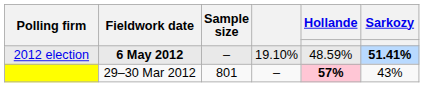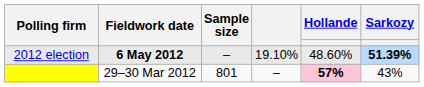 <table class="wikitable sortable" style="text-align:center;font-size:90%;line-height:14px;">
 <tr style="height:40px;">
 <th style="width:100px;" rowspan="2">Polling firm</th>
 <th style="width:110px;" rowspan="2">Fieldwork date</th>
 <th style="width:35px;" rowspan="2">Sample<br>size</th>
 <th style="width:30px;" rowspan="2"></th>
 <th class="unsortable" style="width:60px;"><a href='#'>Hollande</a><br></th>
 <th class="unsortable" style="width:60px;"><a href='#'>Sarkozy</a><br></th>
 </tr>
 <tr>
 <th style="background:"></th>
 <th style="background:"></th>
 </tr>
 <tr style="background:#E9E9E9;">
 <td><a href='#'>2012 election</a></td>
 <td data-sort-value="2012-05-06"><strong>6 May 2012</strong></td>
 <td>–</td>
 <td>19.10%</td>
-<td>48.59%</td>
-<td style="background:#B9DAFF;"><strong>51.41%</strong></td>
+<td>48.60%</td>
+<td style="background:#B9DAFF;"><strong>51.39%</strong></td>
 </tr>
 <tr>
 <td style="background:yellow;"></td>
 <td data-sort-value="2012-03-30">29–30 Mar 2012</td>
 <td>801</td>
 <td>–</td>
 <td style="background:#FFC6D5;"><strong>57%</strong></td>
 <td>43%</td>
 </tr>
 </table>
